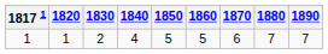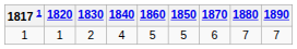 <table class=wikitable style="text-align:center">
 <tr>
 <th>1817 <sup><a href='#'>1</a></sup></th>
 <th><a href='#'>1820</a></th>
 <th><a href='#'>1830</a></th>
 <th><a href='#'>1840</a></th>
+<th><a href='#'>1860</a></th>
 <th><a href='#'>1850</a></th>
-<th><a href='#'>1860</a></th>
 <th><a href='#'>1870</a></th>
 <th><a href='#'>1880</a></th>
 <th><a href='#'>1890</a></th>
 </tr>
 <tr>
 <td>1</td>
 <td>1</td>
 <td>2</td>
 <td>4</td>
 <td>5</td>
 <td>5</td>
 <td>6</td>
 <td>7</td>
 <td>7</td>
 </tr>
 </table>
